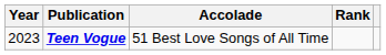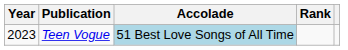 <table class="sortable wikitable">
 <tr>
 <th>Year</th>
 <th>Publication</th>
 <th>Accolade</th>
 <th>Rank</th>
 <th class="unsortable"></th>
 </tr>
 <tr>
 <td>2023</td>
-<td><strong><em><a href='#'>Teen Vogue</a></em></strong></td>
-<td>51 Best Love Songs of All Time</td>
+<td><em><a href='#'>Teen Vogue</a></em></td>
+<td style="background: lightblue;">51 Best Love Songs of All Time</td>
 <td></td>
 <td></td>
 </tr>
 </table>
